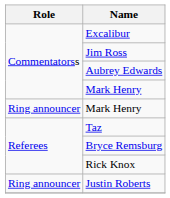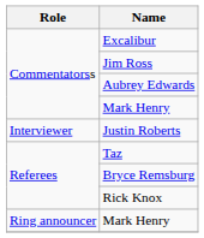 <table class=wikitable style="font-size:90%; margin: 0.5em 0 0.5em 1em; float: right; clear: right;">
 <tr>
 <th>Role</th>
 <th>Name</th>
 </tr>
 <tr>
 <td rowspan=4><a href='#'>Commentators</a>s</td>
 <td><a href='#'>Excalibur</a></td>
 </tr>
 <tr>
 <td><a href='#'>Jim Ross</a></td>
 </tr>
 <tr>
 <td><a href='#'>Aubrey Edwards</a></td>
 </tr>
 <tr>
 <td><a href='#'>Mark Henry</a></td>
 </tr>
 <tr>
-<td><a href='#'>Ring announcer</a></td>
-<td>Mark Henry</td>
+<td><a href='#'>Interviewer</a></td>
+<td><a href='#'>Justin Roberts</a></td>
 </tr>
 <tr>
 <td rowspan=3><a href='#'>Referees</a></td>
 <td><a href='#'>Taz</a></td>
 </tr>
 <tr>
 <td><a href='#'>Bryce Remsburg</a></td>
 </tr>
 <tr>
 <td>Rick Knox</td>
 </tr>
 <tr>
 <td><a href='#'>Ring announcer</a></td>
-<td><a href='#'>Justin Roberts</a></td>
+<td>Mark Henry</td>
 </tr>
 <tr>
 </tr>
 </table>
